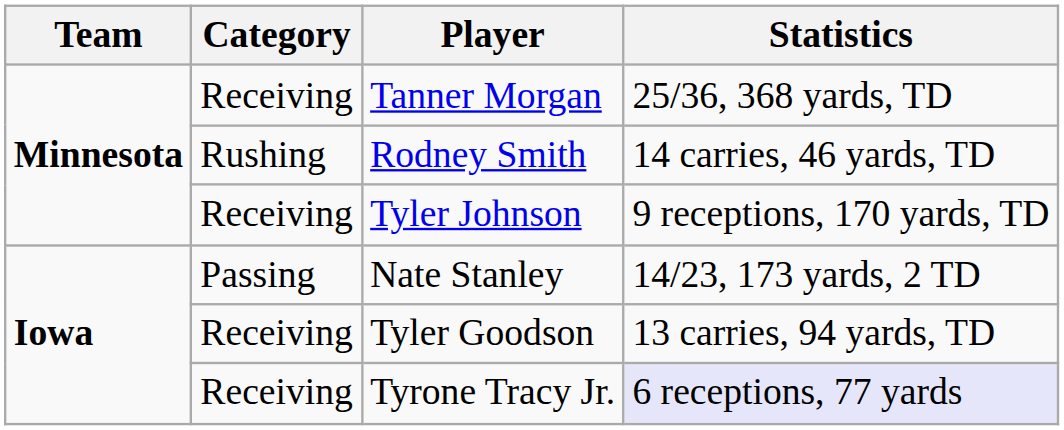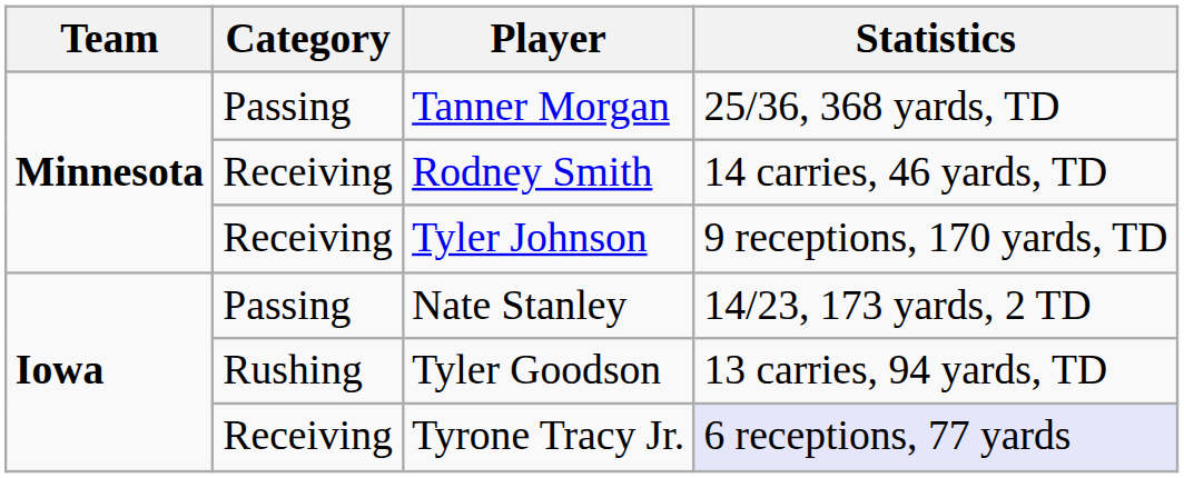 <table class="wikitable" style="float: left;">
 <tr>
 <th>Team</th>
 <th>Category</th>
 <th>Player</th>
 <th>Statistics</th>
 </tr>
 <tr>
 <td rowspan=3><strong>Minnesota</strong></td>
-<td>Receiving</td>
+<td>Passing</td>
 <td><a href='#'>Tanner Morgan</a></td>
 <td>25/36, 368 yards, TD</td>
 </tr>
 <tr>
-<td>Rushing</td>
+<td>Receiving</td>
 <td><a href='#'>Rodney Smith</a></td>
 <td>14 carries, 46 yards, TD</td>
 </tr>
 <tr>
 <td>Receiving</td>
 <td><a href='#'>Tyler Johnson</a></td>
 <td>9 receptions, 170 yards, TD</td>
 </tr>
 <tr>
 <td rowspan=3><strong>Iowa</strong></td>
 <td>Passing</td>
 <td>Nate Stanley</td>
 <td>14/23, 173 yards, 2 TD</td>
 </tr>
 <tr>
-<td>Receiving</td>
+<td>Rushing</td>
 <td>Tyler Goodson</td>
 <td>13 carries, 94 yards, TD</td>
 </tr>
 <tr>
 <td>Receiving</td>
 <td>Tyrone Tracy Jr.</td>
 <td style="background: lavender;">6 receptions, 77 yards</td>
 </tr>
 </table>
